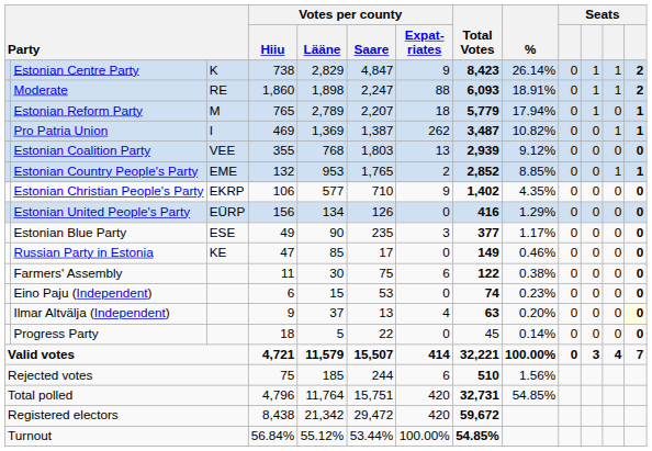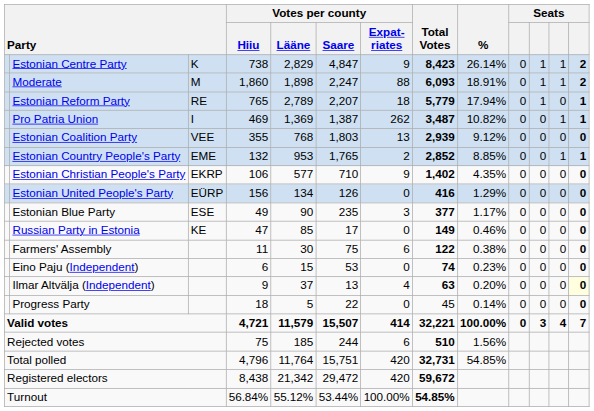 <table class="wikitable" border="1" style="text-align:right;">
 <tr>
 <th style="text-align:left;" valign=bottom rowspan=2 colspan=3>Party</th>
 <th colspan=4>Votes per county</th>
 <th align=center valign=bottom rowspan=2 width="50">Total Votes</th>
 <th align=center valign=bottom rowspan=2 width="50">%</th>
 <th colspan=4>Seats</th>
 </tr>
 <tr>
 <th align=center valign=bottom width="50"><a href='#'>Hiiu</a></th>
 <th align=center valign=bottom width="50"><a href='#'>Lääne</a></th>
 <th align=center valign=bottom width="50"><a href='#'>Saare</a></th>
 <th align=center valign=bottom width="50"><a href='#'>Expat- riates</a></th>
 <th align=center valign=bottom width="20"><small></small></th>
 <th align=center valign=bottom width="20"><small></small></th>
 <th align=center valign=bottom width="20"><small></small></th>
 <th align=center valign=bottom width="20"><small></small></th>
 </tr>
 <tr style="background:#CEE0F2;">
 <td style="background:"></td>
 <td align=left><a href='#'>Estonian Centre Party</a></td>
 <td align=left>K</td>
 <td>738</td>
 <td>2,829</td>
 <td>4,847</td>
 <td>9</td>
 <td><strong>8,423</strong></td>
 <td>26.14%</td>
 <td>0</td>
 <td>1</td>
 <td>1</td>
 <td><strong>2</strong></td>
 </tr>
 <tr style="background:#CEE0F2;">
 <td style="background:"></td>
 <td align=left><a href='#'>Moderate</a></td>
-<td align=left>RE</td>
+<td align=left>M</td>
 <td>1,860</td>
 <td>1,898</td>
 <td>2,247</td>
 <td>88</td>
 <td><strong>6,093</strong></td>
 <td>18.91%</td>
 <td>0</td>
 <td>1</td>
 <td>1</td>
 <td><strong>2</strong></td>
 </tr>
 <tr style="background:#CEE0F2;">
 <td style="background:"></td>
 <td align=left><a href='#'>Estonian Reform Party</a></td>
-<td align=left>M</td>
+<td align=left>RE</td>
 <td>765</td>
 <td>2,789</td>
 <td>2,207</td>
 <td>18</td>
 <td><strong>5,779</strong></td>
 <td>17.94%</td>
 <td>0</td>
 <td>1</td>
 <td>0</td>
 <td><strong>1</strong></td>
 </tr>
 <tr style="background:#CEE0F2;">
 <td style="background:"></td>
 <td align=left><a href='#'>Pro Patria Union</a></td>
 <td align=left>I</td>
 <td>469</td>
 <td>1,369</td>
 <td>1,387</td>
 <td>262</td>
 <td><strong>3,487</strong></td>
 <td>10.82%</td>
 <td>0</td>
 <td>0</td>
 <td>1</td>
 <td><strong>1</strong></td>
 </tr>
 <tr style="background:#CEE0F2;">
 <td style="background:"></td>
 <td align=left><a href='#'>Estonian Coalition Party</a></td>
 <td align=left>VEE</td>
 <td>355</td>
 <td>768</td>
 <td>1,803</td>
 <td>13</td>
 <td><strong>2,939</strong></td>
 <td>9.12%</td>
 <td>0</td>
 <td>0</td>
 <td>0</td>
 <td><strong>0</strong></td>
 </tr>
 <tr style="background:#CEE0F2;">
 <td style="background:"></td>
 <td align=left><a href='#'>Estonian Country People's Party</a></td>
 <td align=left>EME</td>
 <td>132</td>
 <td>953</td>
 <td>1,765</td>
 <td>2</td>
 <td><strong>2,852</strong></td>
 <td>8.85%</td>
 <td>0</td>
 <td>0</td>
 <td>1</td>
 <td><strong>1</strong></td>
 </tr>
 <tr>
 <td style="background:"></td>
 <td align=left><a href='#'>Estonian Christian People's Party</a></td>
 <td align=left>EKRP</td>
 <td>106</td>
 <td>577</td>
 <td>710</td>
 <td>9</td>
 <td><strong>1,402</strong></td>
 <td>4.35%</td>
 <td>0</td>
 <td>0</td>
 <td>0</td>
 <td><strong>0</strong></td>
 </tr>
 <tr style="background:#CEE0F2;">
 <td style="background:"></td>
 <td align=left><a href='#'>Estonian United People's Party</a></td>
 <td align=left>EÜRP</td>
 <td>156</td>
 <td>134</td>
 <td>126</td>
 <td>0</td>
 <td><strong>416</strong></td>
 <td>1.29%</td>
 <td>0</td>
 <td>0</td>
 <td>0</td>
 <td><strong>0</strong></td>
 </tr>
 <tr>
 <td></td>
 <td align=left>Estonian Blue Party</td>
 <td align=left>ESE</td>
 <td>49</td>
 <td>90</td>
 <td>235</td>
 <td>3</td>
 <td><strong>377</strong></td>
 <td>1.17%</td>
 <td>0</td>
 <td>0</td>
 <td>0</td>
 <td><strong>0</strong></td>
 </tr>
 <tr>
 <td></td>
 <td align=left><a href='#'>Russian Party in Estonia</a></td>
 <td align=left>KE</td>
 <td>47</td>
 <td>85</td>
 <td>17</td>
 <td>0</td>
 <td><strong>149</strong></td>
 <td>0.46%</td>
 <td>0</td>
 <td>0</td>
 <td>0</td>
 <td><strong>0</strong></td>
 </tr>
 <tr>
 <td></td>
 <td align=left>Farmers' Assembly</td>
 <td></td>
 <td>11</td>
 <td>30</td>
 <td>75</td>
 <td>6</td>
 <td><strong>122</strong></td>
 <td>0.38%</td>
 <td>0</td>
 <td>0</td>
 <td>0</td>
 <td><strong>0</strong></td>
 </tr>
 <tr>
 <td style="background:"></td>
 <td align=left>Eino Paju (<a href='#'>Independent</a>)</td>
 <td></td>
 <td>6</td>
 <td>15</td>
 <td>53</td>
 <td>0</td>
 <td><strong>74</strong></td>
 <td>0.23%</td>
 <td>0</td>
 <td>0</td>
 <td>0</td>
 <td><strong>0</strong></td>
 </tr>
 <tr>
 <td style="background:"></td>
 <td align=left>Ilmar Altvälja (<a href='#'>Independent</a>)</td>
 <td></td>
 <td>9</td>
 <td>37</td>
 <td>13</td>
 <td>4</td>
 <td><strong>63</strong></td>
 <td>0.20%</td>
 <td>0</td>
 <td>0</td>
 <td>0</td>
 <td style="background: lightyellow;"><strong>0</strong></td>
 </tr>
 <tr>
 <td></td>
 <td align=left>Progress Party</td>
 <td></td>
 <td>18</td>
 <td>5</td>
 <td>22</td>
 <td>0</td>
 <td>45</td>
 <td>0.14%</td>
 <td>0</td>
 <td>0</td>
 <td>0</td>
 <td><strong>0</strong></td>
 </tr>
 <tr style="font-weight:bold">
 <td align=left colspan=3>Valid votes</td>
 <td>4,721</td>
 <td>11,579</td>
 <td>15,507</td>
 <td>414</td>
 <td>32,221</td>
 <td>100.00%</td>
 <td>0</td>
 <td>3</td>
 <td>4</td>
 <td>7</td>
 </tr>
 <tr>
 <td align=left colspan=3>Rejected votes</td>
 <td>75</td>
 <td>185</td>
 <td>244</td>
 <td>6</td>
 <td><strong>510</strong></td>
 <td>1.56%</td>
 <td></td>
 <td></td>
 <td></td>
 <td></td>
 </tr>
 <tr>
 <td align=left colspan=3>Total polled</td>
 <td>4,796</td>
 <td>11,764</td>
 <td>15,751</td>
 <td>420</td>
 <td><strong>32,731</strong></td>
 <td>54.85%</td>
 <td></td>
 <td></td>
 <td></td>
 <td></td>
 </tr>
 <tr>
 <td align=left colspan=3>Registered electors</td>
 <td>8,438</td>
 <td>21,342</td>
 <td>29,472</td>
 <td>420</td>
 <td><strong>59,672</strong></td>
 <td></td>
 <td></td>
 <td></td>
 <td></td>
 <td></td>
 </tr>
 <tr>
 <td align=left colspan=3>Turnout</td>
 <td>56.84%</td>
 <td>55.12%</td>
 <td>53.44%</td>
 <td>100.00%</td>
 <td><strong>54.85%</strong></td>
 <td></td>
 <td></td>
 <td></td>
 <td></td>
 <td></td>
 </tr>
 </table>
